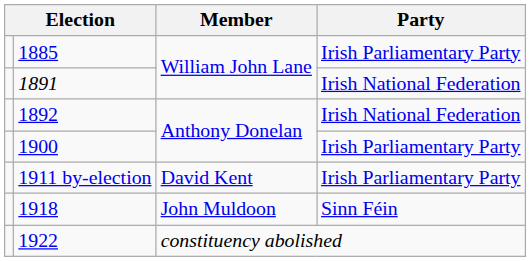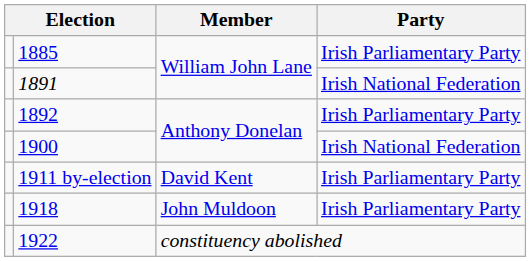 <table class="wikitable">
 <tr>
 <th colspan="2">Election</th>
 <th>Member </th>
 <th>Party</th>
 </tr>
 <tr>
 <td style="color:inherit;background-color:"></td>
 <td><a href='#'>1885</a></td>
 <td rowspan="2"><a href='#'>William John Lane</a></td>
 <td><a href='#'>Irish Parliamentary Party</a></td>
 </tr>
 <tr>
 <td style="color:inherit;background-color:"></td>
 <td><em>1891</em></td>
 <td><a href='#'>Irish National Federation</a></td>
 </tr>
 <tr>
 <td style="color:inherit;background-color:"></td>
 <td><a href='#'>1892</a></td>
 <td rowspan="2"><a href='#'>Anthony Donelan</a></td>
-<td><a href='#'>Irish National Federation</a></td>
+<td><a href='#'>Irish Parliamentary Party</a></td>
 </tr>
 <tr>
 <td style="color:inherit;background-color:"></td>
 <td><a href='#'>1900</a></td>
-<td><a href='#'>Irish Parliamentary Party</a></td>
+<td><a href='#'>Irish National Federation</a></td>
 </tr>
 <tr>
 <td style="color:inherit;background-color:"></td>
 <td><a href='#'>1911 by-election</a></td>
 <td><a href='#'>David Kent</a></td>
 <td><a href='#'>Irish Parliamentary Party</a></td>
 </tr>
 <tr>
 <td style="color:inherit;background-color:"></td>
 <td><a href='#'>1918</a></td>
 <td><a href='#'>John Muldoon</a></td>
-<td><a href='#'>Sinn Féin</a></td>
+<td><a href='#'>Irish Parliamentary Party</a></td>
 </tr>
 <tr>
 <td></td>
 <td><a href='#'>1922</a></td>
 <td colspan="2"><em>constituency abolished</em></td>
 </tr>
 </table>
